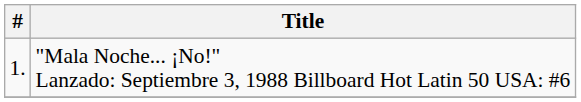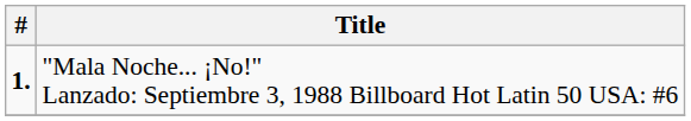 <table class="wikitable">
 <tr>
 <th>#</th>
 <th>Title</th>
 </tr>
 <tr>
-<td>1.</td>
+<td><strong>1.</strong></td>
 <td>"Mala Noche... ¡No!"<br>Lanzado: Septiembre 3, 1988 Billboard Hot Latin 50 USA: #6</td>
 </tr>
 <tr>
 </tr>
 </table>
